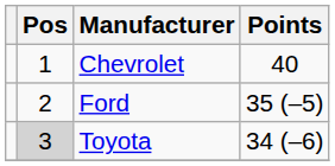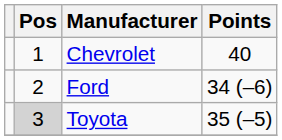 <table class="wikitable" style="font-size: 95%;">
 <tr>
 <th></th>
 <th>Pos</th>
 <th>Manufacturer</th>
 <th>Points</th>
 </tr>
 <tr>
 <td align="left"></td>
 <td style="text-align:center;">1</td>
 <td><a href='#'>Chevrolet</a></td>
 <td style="text-align:center;">40</td>
 </tr>
 <tr>
 <td align="left"></td>
 <td style="text-align:center;">2</td>
 <td><a href='#'>Ford</a></td>
-<td style="text-align:center;">35 (–5)</td>
+<td style="text-align:center;">34 (–6)</td>
 </tr>
 <tr>
 <td align="left"></td>
 <td style="background: lightgrey; text-align:center;">3</td>
 <td><a href='#'>Toyota</a></td>
-<td style="text-align:center;">34 (–6)</td>
+<td style="text-align:center;">35 (–5)</td>
 </tr>
 <tr class="sortbottom">
 </tr>
 </table>
